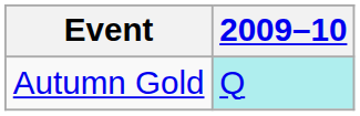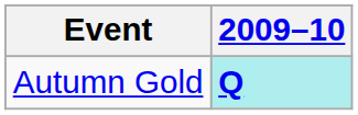 <table class="wikitable">
 <tr>
 <th>Event</th>
 <th><a href='#'>2009–10</a></th>
 </tr>
 <tr>
 <td><a href='#'>Autumn Gold</a></td>
-<td style="background:#afeeee;"><a href='#'>Q</a></td>
+<td style="background:#afeeee;"><strong><a href='#'>Q</a></strong></td>
 </tr>
 </table>
